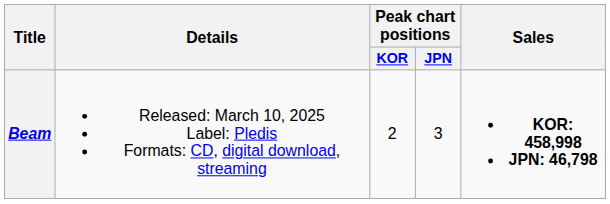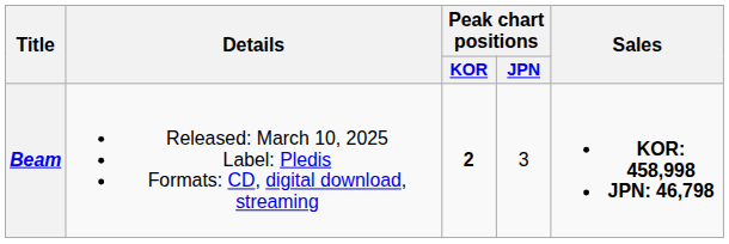 <table class="wikitable plainrowheaders" style="text-align:center">
 <tr>
 <th scope="col" rowspan="2">Title</th>
 <th scope="col" rowspan="2">Details</th>
 <th scope="col" colspan="2">Peak chart positions</th>
 <th scope="col" rowspan="2">Sales</th>
 </tr>
 <tr>
 <th scope="col" style="font-size:90%; width:2.75em"><a href='#'>KOR</a><br></th>
 <th scope="col" style="font-size:90%; width:2.75em"><a href='#'>JPN</a><br></th>
 </tr>
 <tr>
 <th scope="row"><em><a href='#'>Beam</a></em></th>
 <td><br><ul><li>Released: March 10, 2025</li><li>Label: <a href='#'>Pledis</a></li><li>Formats: <a href='#'>CD</a>, <a href='#'>digital download</a>, <a href='#'>streaming</a></li></ul></td>
-<td>2</td>
+<td><strong>2</strong></td>
 <td>3</td>
 <td><strong><br><ul><li>KOR: 458,998</li><li>JPN: 46,798</li></ul></strong></td>
 </tr>
 </table>
